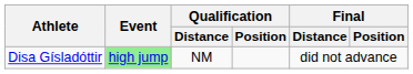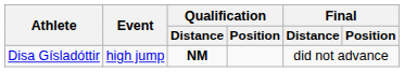 <table class="wikitable" style="font-size:90%">
 <tr>
 <th rowspan="2">Athlete</th>
 <th rowspan="2">Event</th>
 <th colspan="2">Qualification</th>
 <th colspan="2">Final</th>
 </tr>
 <tr style="font-size:95%">
 <th>Distance</th>
 <th>Position</th>
 <th>Distance</th>
 <th>Position</th>
 </tr>
 <tr align=center>
 <td align=left><a href='#'>Disa Gísladóttir</a></td>
-<td align=left style="background: lightgreen;"><a href='#'>high jump</a></td>
-<td>NM</td>
+<td align=left><a href='#'>high jump</a></td>
+<td><strong>NM</strong></td>
 <td></td>
 <td colspan=2>did not advance</td>
 </tr>
 </table>
